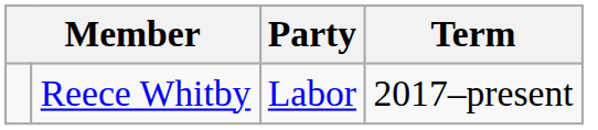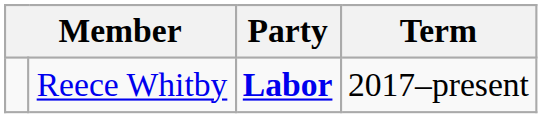 <table class="wikitable">
 <tr>
 <th colspan="2">Member</th>
 <th>Party</th>
 <th>Term</th>
 </tr>
 <tr>
 <td> </td>
 <td><a href='#'>Reece Whitby</a></td>
-<td><a href='#'>Labor</a></td>
+<td><strong><a href='#'>Labor</a></strong></td>
 <td>2017–present</td>
 </tr>
 </table>
